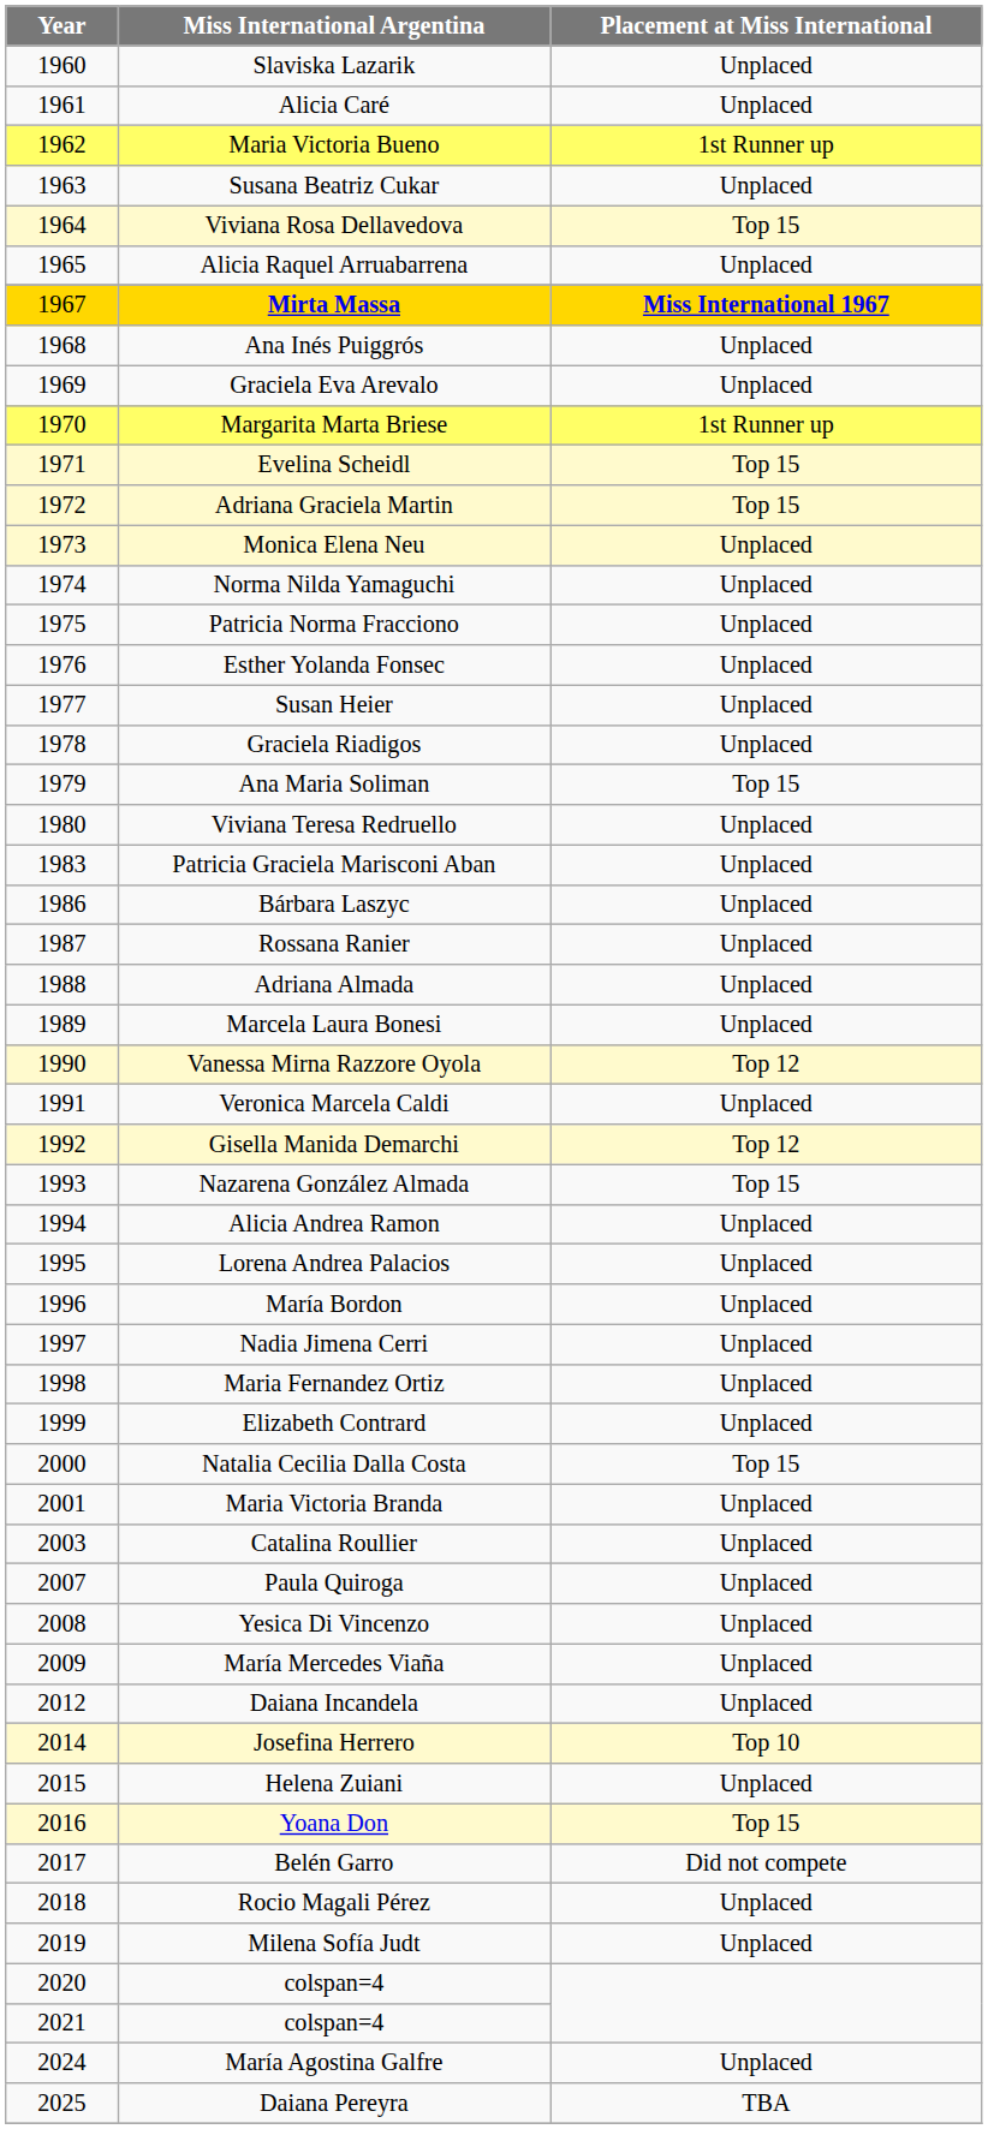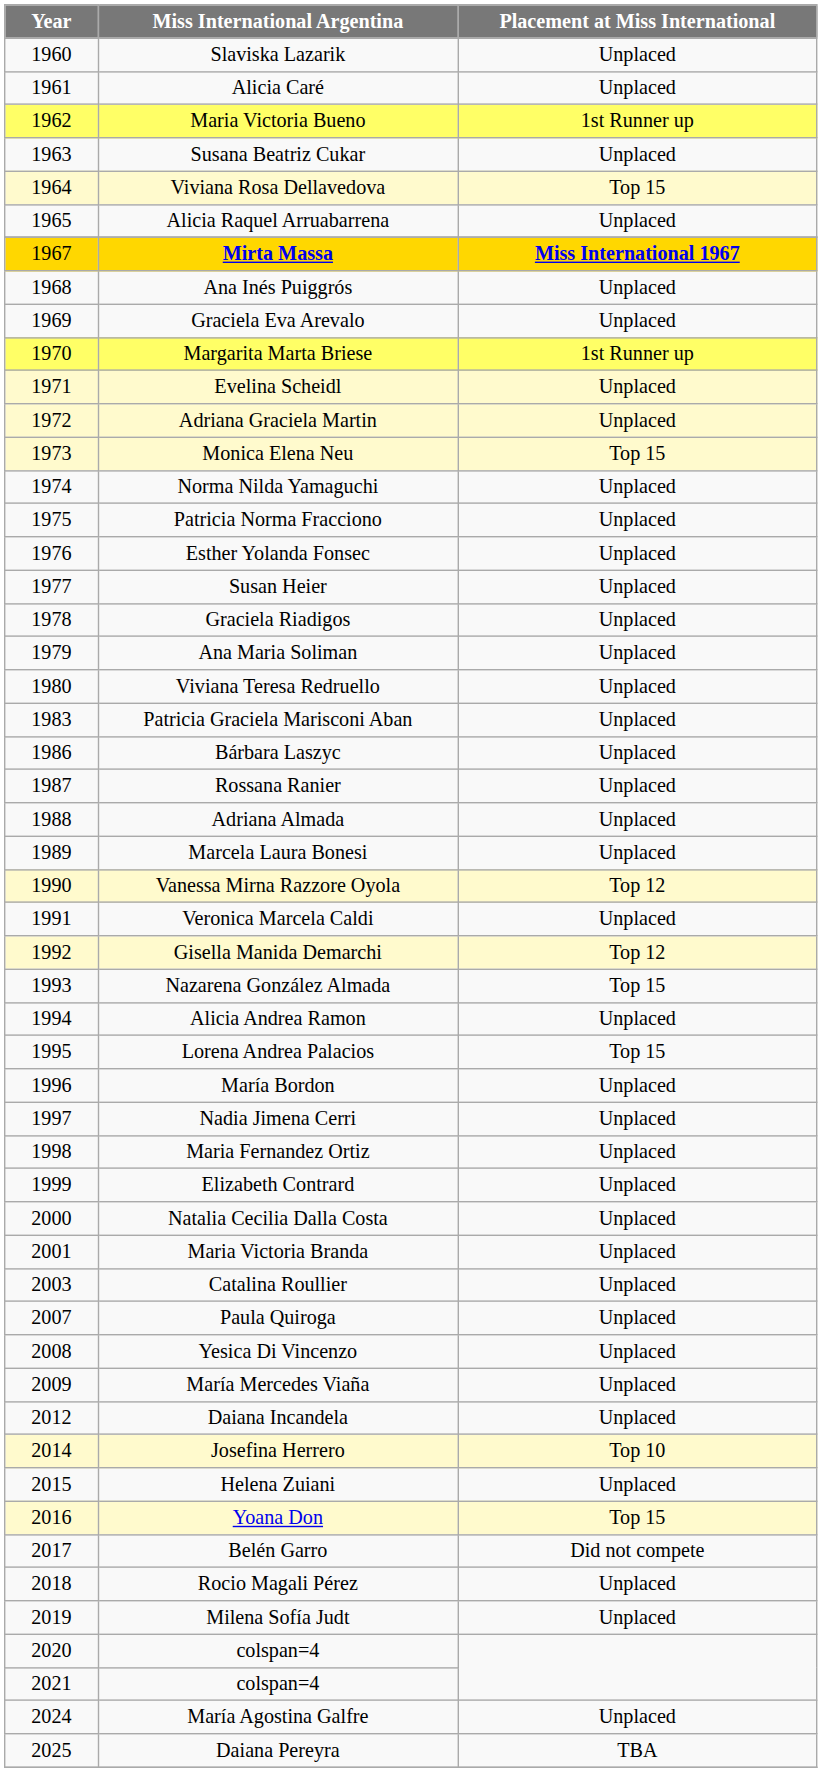 <table class="wikitable sortable" style="font-size: 90%; text-align:center">
 <tr>
 <th width="60" style="background-color:#787878;color:#FFFFFF;">Year</th>
 <th width="250" style="background-color:#787878;color:#FFFFFF;">Miss International Argentina</th>
 <th width="250" style="background-color:#787878;color:#FFFFFF;">Placement at Miss International</th>
 </tr>
 <tr>
 <td>1960</td>
 <td>Slaviska Lazarik</td>
 <td>Unplaced</td>
 </tr>
 <tr>
 <td>1961</td>
 <td>Alicia Caré</td>
 <td>Unplaced</td>
 </tr>
 <tr style="background-color:#FFFF66;">
 <td>1962</td>
 <td>Maria Victoria Bueno</td>
 <td>1st Runner up</td>
 </tr>
 <tr>
 <td>1963</td>
 <td>Susana Beatriz Cukar</td>
 <td>Unplaced</td>
 </tr>
 <tr style="background-color:#FFFACD; ">
 <td>1964</td>
 <td>Viviana Rosa Dellavedova</td>
 <td>Top 15</td>
 </tr>
 <tr>
 <td>1965</td>
 <td>Alicia Raquel Arruabarrena</td>
 <td>Unplaced</td>
 </tr>
 <tr>
 </tr>
 <tr style="background-color:gold;">
 <td>1967</td>
 <td><strong><a href='#'>Mirta Massa</a></strong></td>
 <td><strong><a href='#'>Miss International 1967</a></strong></td>
 </tr>
 <tr>
 <td>1968</td>
 <td>Ana Inés Puiggrós</td>
 <td>Unplaced</td>
 </tr>
 <tr>
 <td>1969</td>
 <td>Graciela Eva Arevalo</td>
 <td>Unplaced</td>
 </tr>
 <tr style="background-color:#FFFF66;">
 <td>1970</td>
 <td>Margarita Marta Briese</td>
 <td>1st Runner up</td>
 </tr>
 <tr style="background-color:#FFFACD;">
 <td>1971</td>
 <td>Evelina Scheidl</td>
-<td>Top 15</td>
+<td>Unplaced</td>
 </tr>
 <tr style="background-color:#FFFACD;">
 <td>1972</td>
 <td>Adriana Graciela Martin</td>
-<td>Top 15</td>
+<td>Unplaced</td>
 </tr>
 <tr style="background-color:#FFFACD;">
 <td>1973</td>
 <td>Monica Elena Neu</td>
-<td>Unplaced</td>
+<td>Top 15</td>
 </tr>
 <tr>
 <td>1974</td>
 <td>Norma Nilda Yamaguchi</td>
 <td>Unplaced</td>
 </tr>
 <tr>
 <td>1975</td>
 <td>Patricia Norma Fracciono</td>
 <td>Unplaced</td>
 </tr>
 <tr>
 <td>1976</td>
 <td>Esther Yolanda Fonsec</td>
 <td>Unplaced</td>
 </tr>
 <tr>
 <td>1977</td>
 <td>Susan Heier</td>
 <td>Unplaced</td>
 </tr>
 <tr>
 <td>1978</td>
 <td>Graciela Riadigos</td>
 <td>Unplaced</td>
 </tr>
 <tr>
 <td>1979</td>
 <td>Ana Maria Soliman</td>
-<td>Top 15</td>
+<td>Unplaced</td>
 </tr>
 <tr>
 <td>1980</td>
 <td>Viviana Teresa Redruello</td>
 <td>Unplaced</td>
 </tr>
 <tr>
 <td>1983</td>
 <td>Patricia Graciela Marisconi Aban</td>
 <td>Unplaced</td>
 </tr>
 <tr>
 <td>1986</td>
 <td>Bárbara Laszyc</td>
 <td>Unplaced</td>
 </tr>
 <tr>
 <td>1987</td>
 <td>Rossana Ranier</td>
 <td>Unplaced</td>
 </tr>
 <tr>
 <td>1988</td>
 <td>Adriana Almada</td>
 <td>Unplaced</td>
 </tr>
 <tr>
 <td>1989</td>
 <td>Marcela Laura Bonesi</td>
 <td>Unplaced</td>
 </tr>
 <tr style="background-color:#FFFACD;">
 <td>1990</td>
 <td>Vanessa Mirna Razzore Oyola</td>
 <td>Top 12</td>
 </tr>
 <tr>
 <td>1991</td>
 <td>Veronica Marcela Caldi</td>
 <td>Unplaced</td>
 </tr>
 <tr style="background-color:#FFFACD;">
 <td>1992</td>
 <td>Gisella Manida Demarchi</td>
 <td>Top 12</td>
 </tr>
 <tr>
 <td>1993</td>
 <td>Nazarena González Almada</td>
 <td>Top 15</td>
 </tr>
 <tr>
 <td>1994</td>
 <td>Alicia Andrea Ramon</td>
 <td>Unplaced</td>
 </tr>
 <tr>
 <td>1995</td>
 <td>Lorena Andrea Palacios</td>
-<td>Unplaced</td>
+<td>Top 15</td>
 </tr>
 <tr>
 <td>1996</td>
 <td>María Bordon</td>
 <td>Unplaced</td>
 </tr>
 <tr>
 <td>1997</td>
 <td>Nadia Jimena Cerri</td>
 <td>Unplaced</td>
 </tr>
 <tr>
 <td>1998</td>
 <td>Maria Fernandez Ortiz</td>
 <td>Unplaced</td>
 </tr>
 <tr>
 <td>1999</td>
 <td>Elizabeth Contrard</td>
 <td>Unplaced</td>
 </tr>
 <tr>
 <td>2000</td>
 <td>Natalia Cecilia Dalla Costa</td>
-<td>Top 15</td>
+<td>Unplaced</td>
 </tr>
 <tr>
 <td>2001</td>
 <td>Maria Victoria Branda</td>
 <td>Unplaced</td>
 </tr>
 <tr>
 <td>2003</td>
 <td>Catalina Roullier</td>
 <td>Unplaced</td>
 </tr>
 <tr>
 <td>2007</td>
 <td>Paula Quiroga</td>
 <td>Unplaced</td>
 </tr>
 <tr>
 <td>2008</td>
 <td>Yesica Di Vincenzo</td>
 <td>Unplaced</td>
 </tr>
 <tr>
 <td>2009</td>
 <td>María Mercedes Viaña</td>
 <td>Unplaced</td>
 </tr>
 <tr>
 <td>2012</td>
 <td>Daiana Incandela</td>
 <td>Unplaced</td>
 </tr>
 <tr>
 <td style="background:#FFFACD;">2014</td>
 <td style="background:#FFFACD;">Josefina Herrero</td>
 <td style="background:#FFFACD;">Top 10</td>
 </tr>
 <tr>
 <td>2015</td>
 <td>Helena Zuiani</td>
 <td>Unplaced</td>
 </tr>
 <tr style="background-color:#FFFACD;">
 <td>2016</td>
 <td><a href='#'>Yoana Don</a></td>
 <td>Top 15</td>
 </tr>
 <tr>
 <td>2017</td>
 <td>Belén Garro</td>
 <td>Did not compete</td>
 </tr>
 <tr>
 <td>2018</td>
 <td>Rocio Magali Pérez</td>
 <td>Unplaced</td>
 </tr>
 <tr>
 <td>2019</td>
 <td>Milena Sofía Judt</td>
 <td>Unplaced</td>
 </tr>
 <tr>
 <td>2020</td>
 <td>colspan=4 </td>
 </tr>
 <tr>
 <td>2021</td>
 <td>colspan=4 </td>
 </tr>
 <tr>
 <td>2024</td>
 <td>María Agostina Galfre</td>
 <td>Unplaced</td>
 </tr>
 <tr>
 <td>2025</td>
 <td>Daiana Pereyra</td>
 <td>TBA</td>
 </tr>
 <tr>
 </tr>
 </table>
